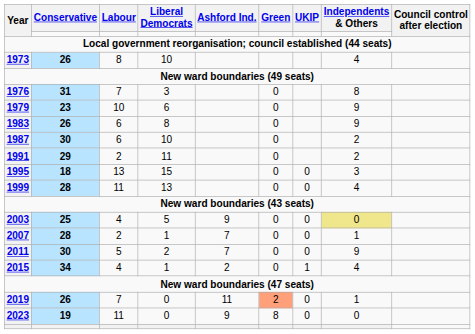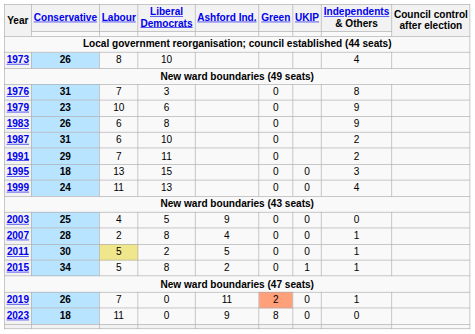 <table class="wikitable plainrowheaders" style="text-align:center">
 <tr>
 <th scope="col" rowspan="2">Year</th>
 <th scope="col"><a href='#'>Conservative</a></th>
 <th scope="col"><a href='#'>Labour</a></th>
 <th scope="col" style="width:1px"><a href='#'>Liberal Democrats</a></th>
 <th scope="col"><a href='#'>Ashford Ind.</a></th>
 <th scope="col"><a href='#'>Green</a></th>
 <th scope="col"><a href='#'>UKIP</a></th>
 <th scope="col"><a href='#'>Independents</a><br>& Others</th>
 <th scope="col" rowspan="2" colspan="2">Council control<br>after election</th>
 </tr>
 <tr>
 <td style="background:"></td>
 <td style="background:"></td>
 <td style="background:"></td>
 <td style="background:"></td>
 <td style="background:"></td>
 <td style="background:"></td>
 <td style="background:"></td>
 </tr>
 <tr>
 <td colspan="10"><strong>Local government reorganisation; council established (44 seats)</strong></td>
 </tr>
 <tr>
 <th scope="row"><a href='#'>1973</a></th>
 <td style="background:#B9E4FF;"><strong>26</strong></td>
 <td>8</td>
 <td>10</td>
 <td></td>
 <td></td>
 <td></td>
 <td>4</td>
 <td></td>
 </tr>
 <tr>
 <td colspan="10"><strong>New ward boundaries (49 seats)</strong></td>
 </tr>
 <tr>
 <th scope="row"><a href='#'>1976</a></th>
 <td style="background:#B9E4FF;"><strong>31</strong></td>
 <td>7</td>
 <td>3</td>
 <td></td>
 <td>0</td>
 <td></td>
 <td>8</td>
 <td></td>
 </tr>
 <tr>
 <th scope="row"><a href='#'>1979</a></th>
 <td style="background:#B9E4FF;"><strong>23</strong></td>
 <td>10</td>
 <td>6</td>
 <td></td>
 <td>0</td>
 <td></td>
 <td>9</td>
 <td></td>
 </tr>
 <tr>
 <th scope="row"><a href='#'>1983</a></th>
 <td style="background:#B9E4FF;"><strong>26</strong></td>
 <td>6</td>
 <td>8</td>
 <td></td>
 <td>0</td>
 <td></td>
 <td>9</td>
 <td></td>
 </tr>
 <tr>
 <th scope="row"><a href='#'>1987</a></th>
-<td style="background:#B9E4FF;"><strong>30</strong></td>
+<td style="background:#B9E4FF;"><strong>31</strong></td>
 <td>6</td>
 <td>10</td>
 <td></td>
 <td>0</td>
 <td></td>
 <td>2</td>
 <td></td>
 </tr>
 <tr>
 <th scope="row"><a href='#'>1991</a></th>
 <td style="background:#B9E4FF;"><strong>29</strong></td>
-<td>2</td>
+<td>7</td>
 <td>11</td>
 <td></td>
 <td>0</td>
 <td></td>
 <td>2</td>
 <td></td>
 </tr>
 <tr>
 <th scope="row"><a href='#'>1995</a></th>
 <td style="background:#B9E4FF;"><strong>18</strong></td>
 <td>13</td>
 <td>15</td>
 <td></td>
 <td>0</td>
 <td>0</td>
 <td>3</td>
 <td></td>
 </tr>
 <tr>
 <th scope="row"><a href='#'>1999</a></th>
-<td style="background:#B9E4FF;"><strong>28</strong></td>
+<td style="background:#B9E4FF;"><strong>24</strong></td>
 <td>11</td>
 <td>13</td>
 <td></td>
 <td>0</td>
 <td>0</td>
 <td>4</td>
 <td></td>
 </tr>
 <tr>
 <td colspan="10"><strong>New ward boundaries (43 seats)</strong></td>
 </tr>
 <tr>
 <th scope="row"><a href='#'>2003</a></th>
 <td style="background:#B9E4FF;"><strong>25</strong></td>
 <td>4</td>
 <td>5</td>
 <td>9</td>
 <td>0</td>
 <td>0</td>
-<td style="background: khaki;">0</td>
+<td>0</td>
 <td></td>
 </tr>
 <tr>
 <th scope="row"><a href='#'>2007</a></th>
 <td style="background:#B9E4FF;"><strong>28</strong></td>
 <td>2</td>
-<td>1</td>
-<td>7</td>
+<td>8</td>
+<td>4</td>
 <td>0</td>
 <td>0</td>
 <td>1</td>
 <td></td>
 </tr>
 <tr>
 <th scope="row"><a href='#'>2011</a></th>
 <td style="background:#B9E4FF;"><strong>30</strong></td>
+<td style="background: khaki;">5</td>
+<td>2</td>
 <td>5</td>
-<td>2</td>
-<td>7</td>
 <td>0</td>
 <td>0</td>
-<td>9</td>
+<td>1</td>
 <td></td>
 </tr>
 <tr>
 <th scope="row"><a href='#'>2015</a></th>
 <td style="background:#B9E4FF;"><strong>34</strong></td>
-<td>4</td>
-<td>1</td>
+<td>5</td>
+<td>8</td>
 <td>2</td>
 <td>0</td>
 <td>1</td>
-<td>4</td>
+<td>1</td>
 <td></td>
 </tr>
 <tr>
 <td colspan="10"><strong>New ward boundaries (47 seats)</strong></td>
 </tr>
 <tr>
 <th scope="row"><a href='#'>2019</a></th>
 <td style="background:#B9E4FF;"><strong>26</strong></td>
 <td>7</td>
 <td>0</td>
 <td>11</td>
 <td style="background: lightsalmon;">2</td>
 <td>0</td>
 <td>1</td>
 <td></td>
 </tr>
 <tr>
 <th scope="row"><a href='#'>2023</a></th>
-<td style="background:#B9E4FF;"><strong>19</strong></td>
+<td style="background:#B9E4FF;"><strong>18</strong></td>
 <td>11</td>
 <td>0</td>
 <td>9</td>
 <td>8</td>
 <td>0</td>
 <td>0</td>
 <td></td>
 </tr>
 <tr>
 <th></th>
 <th style="background-color: "></th>
 <th style="background-color: "></th>
 <th style="background-color: "></th>
 <th style="background-color: "></th>
 <th style="background-color: "></th>
 <th style="background-color: "></th>
 <th style="background-color: "></th>
 </tr>
 </table>
